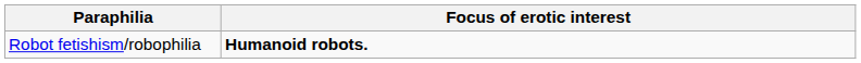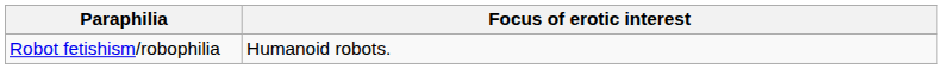 <table class="wikitable sortable" border="1">
 <tr>
 <th width="200px">Paraphilia</th>
 <th width="600px">Focus of erotic interest</th>
 </tr>
 <tr>
 <td><a href='#'>Robot fetishism</a>/robophilia</td>
-<td><strong>Humanoid robots.</strong></td>
+<td>Humanoid robots.</td>
 </tr>
 </table>
